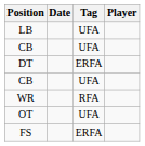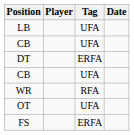 <table class="wikitable sortable" style="text-align:center">
 <tr>
 <th>Position</th>
+<th>Player</th>
+<th>Tag</th>
 <th>Date</th>
-<th>Tag</th>
-<th>Player</th>
 </tr>
 <tr>
 <td>LB</td>
 <td></td>
 <td>UFA</td>
 <td></td>
 </tr>
 <tr>
 <td>CB</td>
 <td></td>
 <td>UFA</td>
 <td></td>
 </tr>
 <tr>
 <td>DT</td>
 <td></td>
 <td>ERFA</td>
 <td></td>
 </tr>
 <tr>
 <td>CB</td>
 <td></td>
 <td>UFA</td>
 <td></td>
 </tr>
 <tr>
 <td>WR</td>
 <td></td>
 <td>RFA</td>
 <td></td>
 </tr>
 <tr>
 <td>OT</td>
 <td></td>
 <td>UFA</td>
 <td></td>
 </tr>
 <tr>
 <td>FS</td>
 <td></td>
 <td>ERFA</td>
 <td></td>
 </tr>
 </table>
